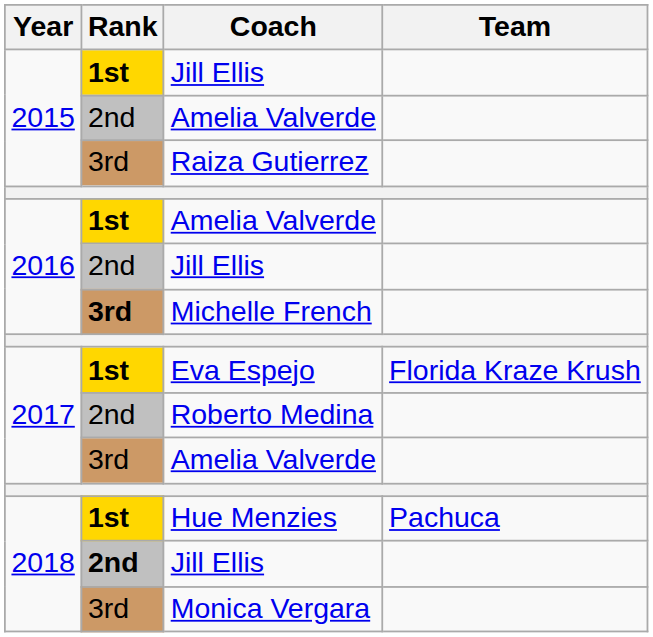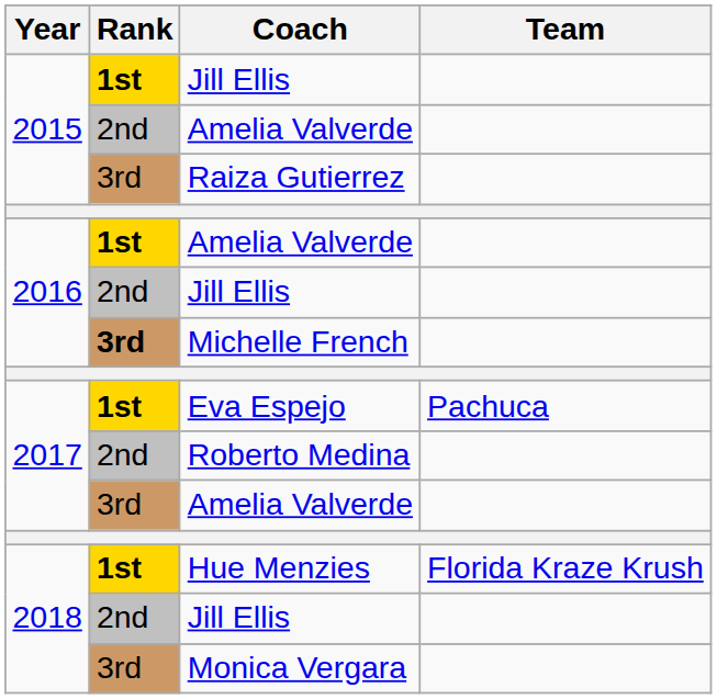 <table class="wikitable">
 <tr>
 <th scope="col">Year</th>
 <th scope="col">Rank</th>
 <th scope="col">Coach</th>
 <th scope="col">Team</th>
 </tr>
 <tr>
 <td rowspan="3"><a href='#'>2015</a></td>
 <td scope=col style="background-color: gold"><strong>1st</strong></td>
 <td> <a href='#'>Jill Ellis</a></td>
 <td></td>
 </tr>
 <tr>
 <td scope=col style="background-color: silver">2nd</td>
 <td> <a href='#'>Amelia Valverde</a></td>
 <td></td>
 </tr>
 <tr>
 <td scope=col style="background-color: #cc9966">3rd</td>
 <td> <a href='#'>Raiza Gutierrez</a></td>
 <td></td>
 </tr>
 <tr>
 <th colspan="4"></th>
 </tr>
 <tr>
 <td rowspan="3"><a href='#'>2016</a></td>
 <td scope=col style="background-color: gold"><strong>1st</strong></td>
 <td> <a href='#'>Amelia Valverde</a></td>
 <td></td>
 </tr>
 <tr>
 <td scope=col style="background-color: silver">2nd</td>
 <td> <a href='#'>Jill Ellis</a></td>
 <td></td>
 </tr>
 <tr>
 <td scope=col style="background-color: #cc9966"><strong>3rd</strong></td>
 <td> <a href='#'>Michelle French</a></td>
 <td></td>
 </tr>
 <tr>
 <th colspan="4"></th>
 </tr>
 <tr>
 <td rowspan="3"><a href='#'>2017</a></td>
 <td scope=col style="background-color: gold"><strong>1st</strong></td>
 <td> <a href='#'>Eva Espejo</a></td>
-<td> <a href='#'>Florida Kraze Krush</a><br></td>
+<td> <a href='#'>Pachuca</a></td>
 </tr>
 <tr>
 <td scope=col style="background-color: silver">2nd</td>
 <td> <a href='#'>Roberto Medina</a></td>
 <td></td>
 </tr>
 <tr>
 <td scope=col style="background-color: #cc9966">3rd</td>
 <td> <a href='#'>Amelia Valverde</a></td>
 <td></td>
 </tr>
 <tr>
 <th colspan="4"></th>
 </tr>
 <tr>
 <td rowspan="3"><a href='#'>2018</a></td>
 <td scope=col style="background-color: gold"><strong>1st</strong></td>
 <td> <a href='#'>Hue Menzies</a></td>
-<td> <a href='#'>Pachuca</a></td>
+<td> <a href='#'>Florida Kraze Krush</a><br></td>
 </tr>
 <tr>
-<td scope=col style="background-color: silver"><strong>2nd</strong></td>
+<td scope=col style="background-color: silver">2nd</td>
 <td> <a href='#'>Jill Ellis</a></td>
 <td></td>
 </tr>
 <tr>
 <td scope=col style="background-color: #cc9966">3rd</td>
 <td> <a href='#'>Monica Vergara</a></td>
 <td></td>
 </tr>
 </table>
